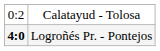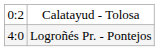 <table class="wikitable">
 <tr align=center bgcolor=white>
 <td>0:2</td>
 <td>Calatayud - Tolosa</td>
 </tr>
 <tr align=center bgcolor=#F5F5F5>
-<td><strong>4:0</strong></td>
+<td>4:0</td>
 <td>Logroñés Pr. - Pontejos</td>
 </tr>
 </table>
